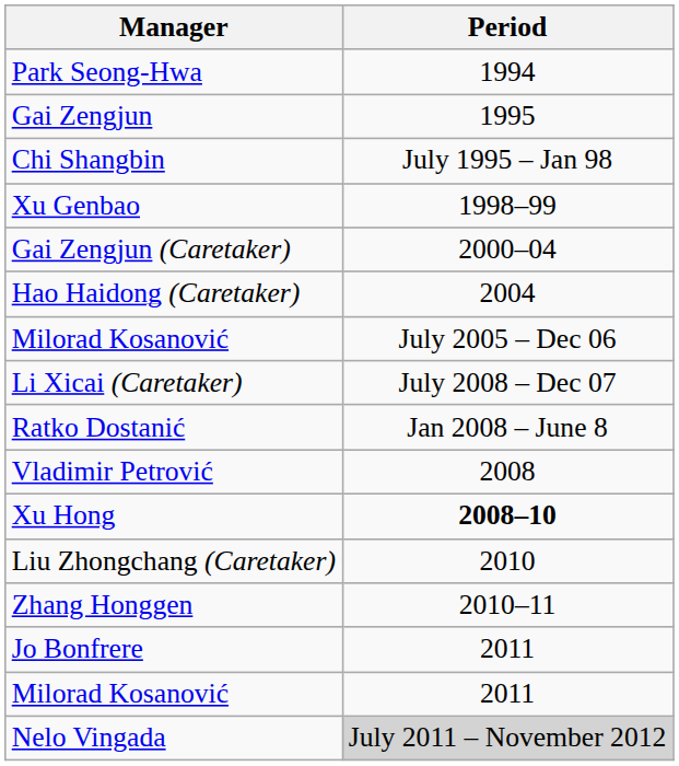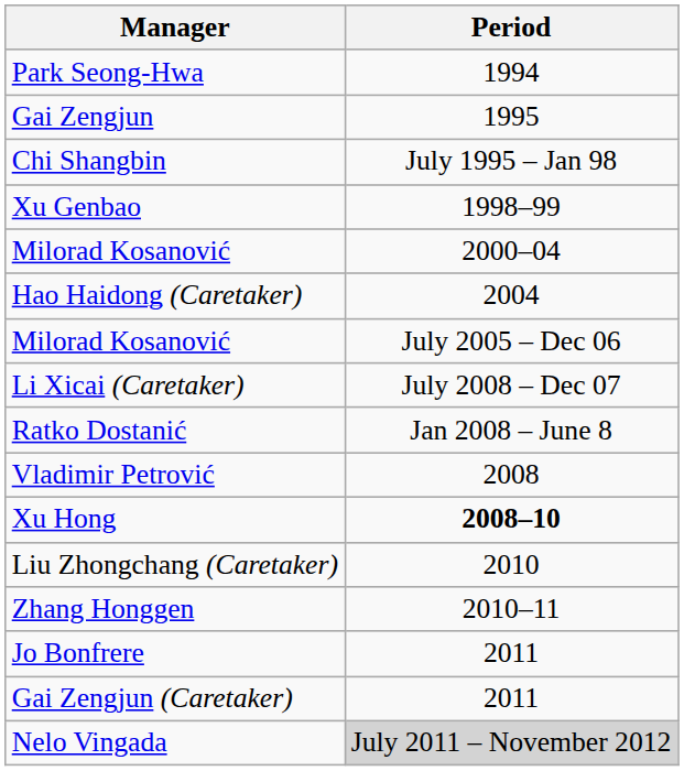 <table class="wikitable" style="text-align:center;">
 <tr>
 <th>Manager</th>
 <th>Period</th>
 </tr>
 <tr>
 <td align=left> <a href='#'>Park Seong-Hwa</a></td>
 <td>1994</td>
 </tr>
 <tr>
 <td align=left> <a href='#'>Gai Zengjun</a></td>
 <td>1995</td>
 </tr>
 <tr>
 <td align=left> <a href='#'>Chi Shangbin</a></td>
 <td>July 1995 – Jan 98</td>
 </tr>
 <tr>
 <td align=left> <a href='#'>Xu Genbao</a></td>
 <td>1998–99</td>
 </tr>
 <tr>
-<td align=left> <a href='#'>Gai Zengjun</a> <em>(Caretaker)</em></td>
+<td align=left> <a href='#'>Milorad Kosanović</a></td>
 <td>2000–04</td>
 </tr>
 <tr>
 <td align=left> <a href='#'>Hao Haidong</a> <em>(Caretaker)</em></td>
 <td>2004</td>
 </tr>
 <tr>
 <td align=left> <a href='#'>Milorad Kosanović</a></td>
 <td>July 2005 – Dec 06</td>
 </tr>
 <tr>
 <td align=left> <a href='#'>Li Xicai</a> <em>(Caretaker)</em></td>
 <td>July 2008 – Dec 07</td>
 </tr>
 <tr>
 <td align=left> <a href='#'>Ratko Dostanić</a></td>
 <td>Jan 2008 – June 8</td>
 </tr>
 <tr>
 <td align=left> <a href='#'>Vladimir Petrović</a></td>
 <td>2008</td>
 </tr>
 <tr>
 <td align=left> <a href='#'>Xu Hong</a></td>
 <td><strong>2008–10</strong></td>
 </tr>
 <tr>
 <td align=left> Liu Zhongchang <em>(Caretaker)</em></td>
 <td>2010</td>
 </tr>
 <tr>
 <td align=left> <a href='#'>Zhang Honggen</a></td>
 <td>2010–11</td>
 </tr>
 <tr>
 <td align=left> <a href='#'>Jo Bonfrere</a></td>
 <td>2011</td>
 </tr>
 <tr>
-<td align=left> <a href='#'>Milorad Kosanović</a></td>
+<td align=left> <a href='#'>Gai Zengjun</a> <em>(Caretaker)</em></td>
 <td>2011</td>
 </tr>
 <tr>
 <td align=left> <a href='#'>Nelo Vingada</a></td>
 <td style="background: lightgrey;">July 2011 – November 2012</td>
 </tr>
 </table>
